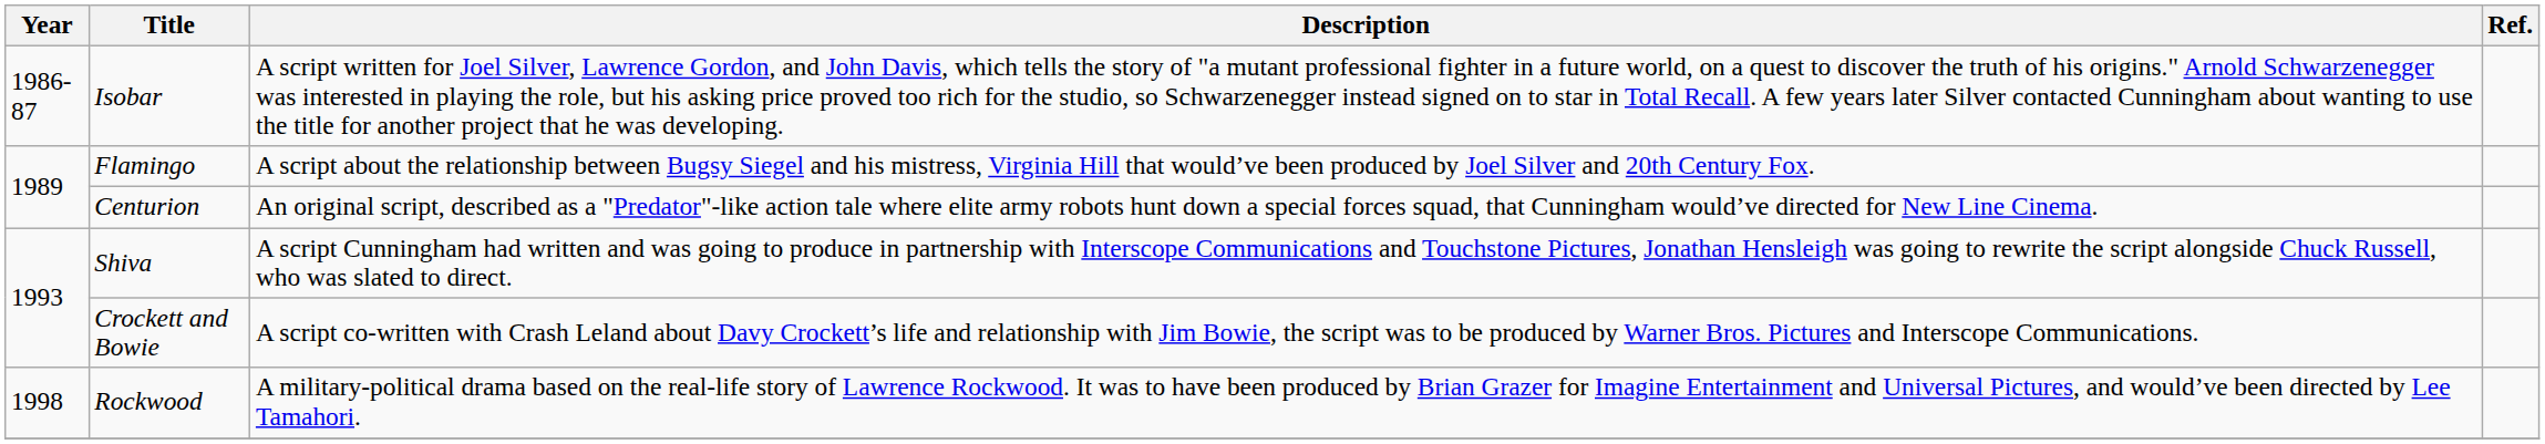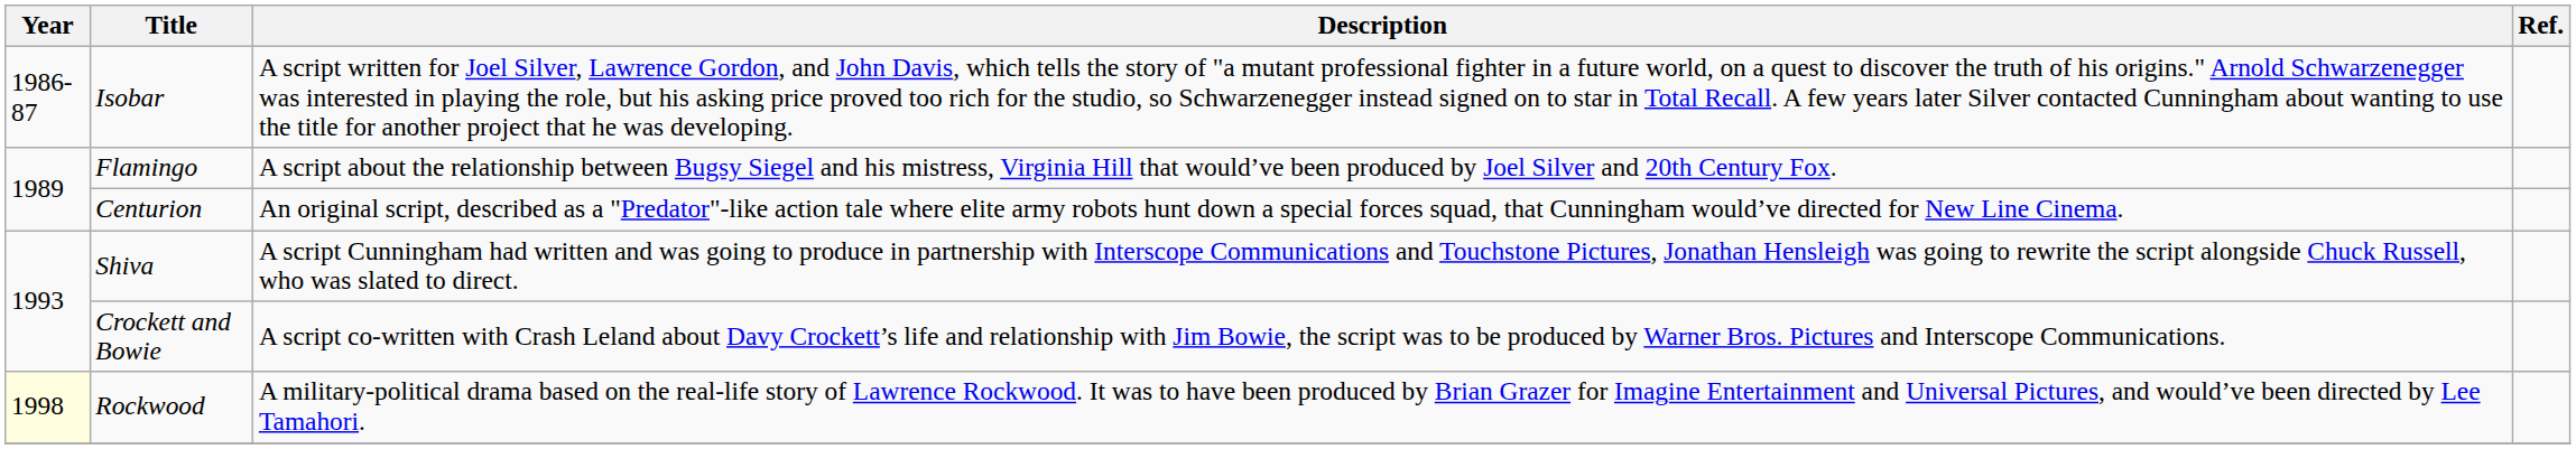 <table class="wikitable">
 <tr>
 <th>Year</th>
 <th>Title</th>
 <th>Description</th>
 <th>Ref.</th>
 </tr>
 <tr>
 <td>1986-87</td>
 <td><em>Isobar</em></td>
 <td>A script written for <a href='#'>Joel Silver</a>, <a href='#'>Lawrence Gordon</a>, and <a href='#'>John Davis</a>, which tells the story of "a mutant professional fighter in a future world, on a quest to discover the truth of his origins." <a href='#'>Arnold Schwarzenegger</a> was interested in playing the role, but his asking price proved too rich for the studio, so Schwarzenegger instead signed on to star in <a href='#'>Total Recall</a>. A few years later Silver contacted Cunningham about wanting to use the title for another project that he was developing.</td>
 <td></td>
 </tr>
 <tr>
 <td rowspan=2>1989</td>
 <td><em>Flamingo</em></td>
 <td>A script about the relationship between <a href='#'>Bugsy Siegel</a> and his mistress, <a href='#'>Virginia Hill</a> that would’ve been produced by <a href='#'>Joel Silver</a> and <a href='#'>20th Century Fox</a>.</td>
 <td></td>
 </tr>
 <tr>
 <td><em>Centurion</em></td>
 <td>An original script, described as a "<a href='#'>Predator</a>"-like action tale where elite army robots hunt down a special forces squad, that Cunningham would’ve directed for <a href='#'>New Line Cinema</a>.</td>
 <td></td>
 </tr>
 <tr>
 <td rowspan=2>1993</td>
 <td><em>Shiva</em></td>
 <td>A script Cunningham had written and was going to produce in partnership with <a href='#'>Interscope Communications</a> and <a href='#'>Touchstone Pictures</a>, <a href='#'>Jonathan Hensleigh</a> was going to rewrite the script alongside <a href='#'>Chuck Russell</a>, who was slated to direct.</td>
 <td></td>
 </tr>
 <tr>
 <td><em>Crockett and Bowie</em></td>
 <td>A script co-written with Crash Leland about <a href='#'>Davy Crockett</a>’s life and relationship with <a href='#'>Jim Bowie</a>, the script was to be produced by <a href='#'>Warner Bros. Pictures</a> and Interscope Communications.</td>
 <td></td>
 </tr>
 <tr>
-<td>1998</td>
+<td style="background: lightyellow;">1998</td>
 <td><em>Rockwood</em></td>
 <td>A military-political drama based on the real-life story of <a href='#'>Lawrence Rockwood</a>. It was to have been produced by <a href='#'>Brian Grazer</a> for <a href='#'>Imagine Entertainment</a> and <a href='#'>Universal Pictures</a>, and would’ve been directed by <a href='#'>Lee Tamahori</a>.</td>
 <td></td>
 </tr>
 <tr>
 </tr>
 </table>
